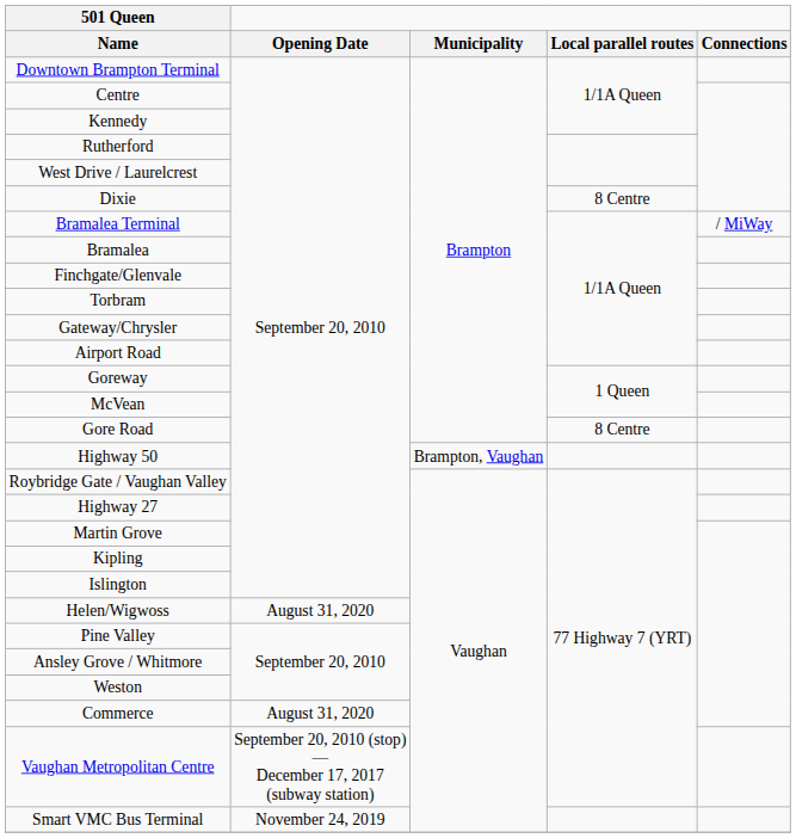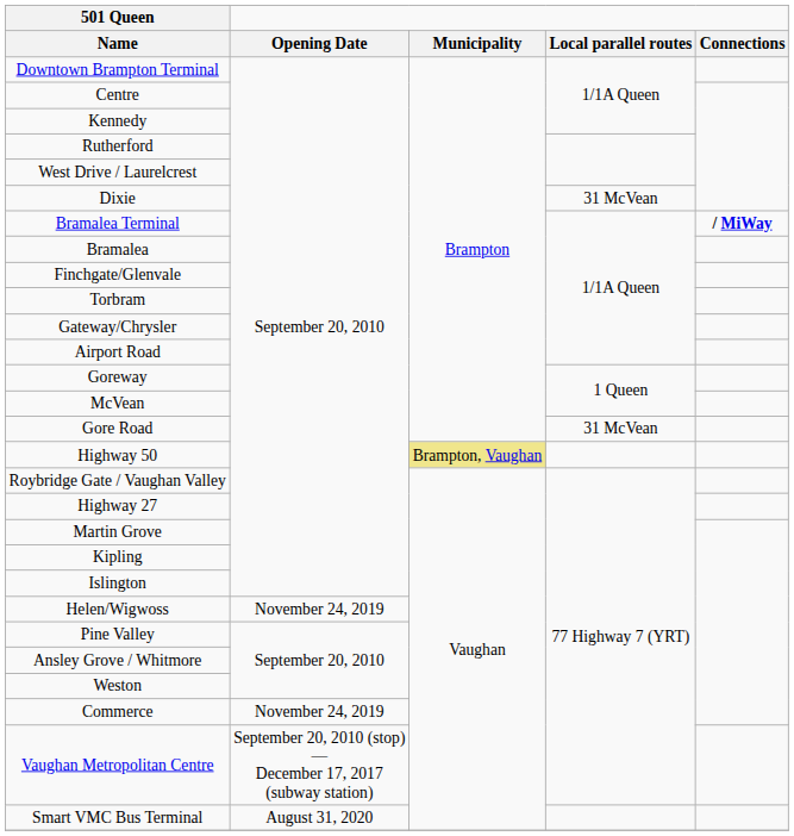 <table class="wikitable" style="text-align:center">
 <tr>
 <th style="background:#">501 Queen </th>
 </tr>
 <tr>
 <th>Name</th>
 <th>Opening Date</th>
 <th>Municipality</th>
 <th>Local parallel routes</th>
 <th>Connections</th>
 </tr>
 <tr>
 <td><a href='#'>Downtown Brampton Terminal</a></td>
 <td rowspan="21">September 20, 2010</td>
 <td rowspan="15"><a href='#'>Brampton</a></td>
 <td rowspan="3">1/1A Queen</td>
 <td>  <br>  </td>
 </tr>
 <tr>
 <td>Centre</td>
 <td rowspan="5"></td>
 </tr>
 <tr>
 <td>Kennedy</td>
 </tr>
 <tr>
 <td>Rutherford</td>
 <td rowspan="2"></td>
 </tr>
 <tr>
 <td>West Drive / Laurelcrest</td>
 </tr>
 <tr>
 <td>Dixie</td>
-<td>8 Centre</td>
+<td>31 McVean</td>
 </tr>
 <tr>
 <td><a href='#'>Bramalea Terminal</a></td>
 <td rowspan="6">1/1A Queen</td>
-<td> / <a href='#'>MiWay</a></td>
+<td><strong> / <a href='#'>MiWay</a></strong></td>
 </tr>
 <tr>
 <td>Bramalea</td>
 <td></td>
 </tr>
 <tr>
 <td>Finchgate/Glenvale</td>
 <td></td>
 </tr>
 <tr>
 <td>Torbram</td>
 <td></td>
 </tr>
 <tr>
 <td>Gateway/Chrysler</td>
 <td></td>
 </tr>
 <tr>
 <td>Airport Road</td>
 <td> </td>
 </tr>
 <tr>
 <td>Goreway</td>
 <td rowspan="2">1 Queen</td>
 <td></td>
 </tr>
 <tr>
 <td>McVean</td>
 <td></td>
 </tr>
 <tr>
 <td>Gore Road</td>
-<td>8 Centre</td>
+<td>31 McVean</td>
 <td></td>
 </tr>
 <tr>
 <td>Highway 50</td>
-<td>Brampton, <a href='#'>Vaughan</a></td>
+<td style="background: khaki;">Brampton, <a href='#'>Vaughan</a></td>
 <td></td>
 <td> </td>
 </tr>
 <tr>
 <td>Roybridge Gate / Vaughan Valley</td>
 <td rowspan="12">Vaughan</td>
 <td rowspan="11">77 Highway 7 (YRT)</td>
 <td></td>
 </tr>
 <tr>
 <td>Highway 27</td>
 <td></td>
 </tr>
 <tr>
 <td>Martin Grove</td>
 <td rowspan="8"> </td>
 </tr>
 <tr>
 <td>Kipling</td>
 </tr>
 <tr>
 <td>Islington</td>
 </tr>
 <tr>
 <td>Helen/Wigwoss</td>
-<td>August 31, 2020</td>
+<td>November 24, 2019</td>
 </tr>
 <tr>
 <td>Pine Valley</td>
 <td rowspan="3">September 20, 2010</td>
 </tr>
 <tr>
 <td>Ansley Grove / Whitmore</td>
 </tr>
 <tr>
 <td>Weston</td>
 </tr>
 <tr>
 <td>Commerce</td>
-<td>August 31, 2020</td>
+<td>November 24, 2019</td>
 </tr>
 <tr>
 <td><a href='#'>Vaughan Metropolitan Centre</a></td>
 <td>September 20, 2010 (stop)<br>—<br>December 17, 2017<br>(subway station)</td>
 <td>  </td>
 </tr>
 <tr>
 <td>Smart VMC Bus Terminal</td>
-<td>November 24, 2019</td>
+<td>August 31, 2020</td>
 <td></td>
 <td> </td>
 </tr>
 <tr>
 </tr>
 </table>
